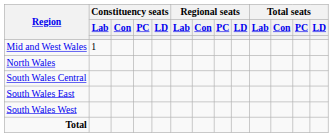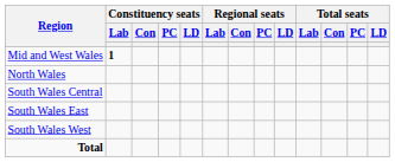 <table class="wikitable">
 <tr>
 <th rowspan="3" scope="col"><a href='#'>Region</a></th>
 <th colspan="4">Constituency seats</th>
 <th colspan="4">Regional seats</th>
 <th colspan="4">Total seats</th>
 </tr>
 <tr>
 <th scope="col"><a href='#'>Lab</a></th>
 <th scope="col"><a href='#'>Con</a></th>
 <th scope="col"><a href='#'>PC</a></th>
 <th scope="col"><a href='#'>LD</a></th>
 <th scope="col"><a href='#'>Lab</a></th>
 <th scope="col"><a href='#'>Con</a></th>
 <th scope="col"><a href='#'>PC</a></th>
 <th scope="col"><a href='#'>LD</a></th>
 <th scope="col"><a href='#'>Lab</a></th>
 <th scope="col"><a href='#'>Con</a></th>
 <th scope="col"><a href='#'>PC</a></th>
 <th scope="col"><a href='#'>LD</a></th>
 </tr>
 <tr>
 <th scope="col" style="background:"></th>
 <th scope="col" style="background:"></th>
 <th scope="col" style="background:"></th>
 <th scope="col" style="background:"></th>
 <th scope="col" style="background:"></th>
 <th scope="col" style="background:"></th>
 <th scope="col" style="background:"></th>
 <th scope="col" style="background:"></th>
 <th scope="col" style="background:"></th>
 <th scope="col" style="background:"></th>
 <th scope="col" style="background:"></th>
 <th scope="col" style="background:"></th>
 </tr>
 <tr>
 <td><a href='#'>Mid and West Wales</a></td>
-<td>1</td>
+<td><strong>1</strong></td>
 <td></td>
 <td></td>
 <td></td>
 <td></td>
 <td></td>
 <td></td>
 <td></td>
 <td></td>
 <td></td>
 <td></td>
 <td></td>
 </tr>
 <tr>
 <td><a href='#'>North Wales</a></td>
 <td></td>
 <td></td>
 <td></td>
 <td></td>
 <td></td>
 <td></td>
 <td></td>
 <td></td>
 <td></td>
 <td></td>
 <td></td>
 <td></td>
 </tr>
 <tr>
 <td><a href='#'>South Wales Central</a></td>
 <td></td>
 <td></td>
 <td></td>
 <td></td>
 <td></td>
 <td></td>
 <td></td>
 <td></td>
 <td></td>
 <td></td>
 <td></td>
 <td></td>
 </tr>
 <tr>
 <td><a href='#'>South Wales East</a></td>
 <td></td>
 <td></td>
 <td></td>
 <td></td>
 <td></td>
 <td></td>
 <td></td>
 <td></td>
 <td></td>
 <td></td>
 <td></td>
 <td></td>
 </tr>
 <tr>
 <td><a href='#'>South Wales West</a></td>
 <td></td>
 <td></td>
 <td></td>
 <td></td>
 <td></td>
 <td></td>
 <td></td>
 <td></td>
 <td></td>
 <td></td>
 <td></td>
 <td></td>
 </tr>
 <tr>
 <td align="right"><strong>Total</strong></td>
 <td></td>
 <td></td>
 <td></td>
 <td></td>
 <td></td>
 <td></td>
 <td></td>
 <td></td>
 <td></td>
 <td></td>
 <td></td>
 <td></td>
 </tr>
 </table>
